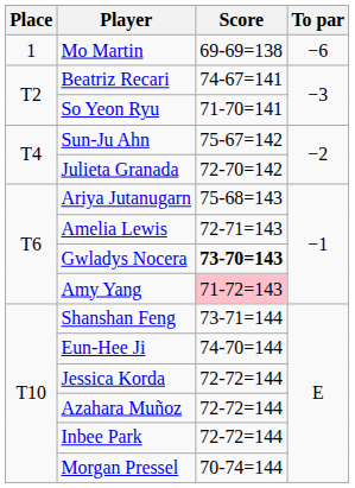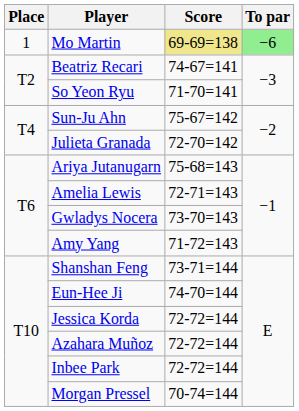 <table class="wikitable">
 <tr>
 <th>Place</th>
 <th>Player</th>
 <th>Score</th>
 <th>To par</th>
 </tr>
 <tr>
 <td align=center>1</td>
 <td> <a href='#'>Mo Martin</a></td>
-<td>69-69=138</td>
-<td align=center>−6</td>
+<td style="background: khaki;">69-69=138</td>
+<td align=center style="background: lightgreen;">−6</td>
 </tr>
 <tr>
 <td rowspan=2 align=center>T2</td>
 <td> <a href='#'>Beatriz Recari</a></td>
 <td>74-67=141</td>
 <td rowspan=2 align=center>−3</td>
 </tr>
 <tr>
 <td> <a href='#'>So Yeon Ryu</a></td>
 <td>71-70=141</td>
 </tr>
 <tr>
 <td rowspan=2 align=center>T4</td>
 <td> <a href='#'>Sun-Ju Ahn</a></td>
 <td>75-67=142</td>
 <td rowspan=2 align=center>−2</td>
 </tr>
 <tr>
 <td> <a href='#'>Julieta Granada</a></td>
 <td>72-70=142</td>
 </tr>
 <tr>
 <td rowspan=4 align=center>T6</td>
 <td> <a href='#'>Ariya Jutanugarn</a></td>
 <td>75-68=143</td>
 <td rowspan=4 align=center>−1</td>
 </tr>
 <tr>
 <td> <a href='#'>Amelia Lewis</a></td>
 <td>72-71=143</td>
 </tr>
 <tr>
 <td> <a href='#'>Gwladys Nocera</a></td>
-<td><strong>73-70=143</strong></td>
+<td>73-70=143</td>
 </tr>
 <tr>
 <td> <a href='#'>Amy Yang</a></td>
-<td style="background: pink;">71-72=143</td>
+<td>71-72=143</td>
 </tr>
 <tr>
 <td rowspan=6 align=center>T10</td>
 <td> <a href='#'>Shanshan Feng</a></td>
 <td>73-71=144</td>
 <td rowspan=6 align=center>E</td>
 </tr>
 <tr>
 <td> <a href='#'>Eun-Hee Ji</a></td>
 <td>74-70=144</td>
 </tr>
 <tr>
 <td> <a href='#'>Jessica Korda</a></td>
 <td>72-72=144</td>
 </tr>
 <tr>
 <td> <a href='#'>Azahara Muñoz</a></td>
 <td>72-72=144</td>
 </tr>
 <tr>
 <td> <a href='#'>Inbee Park</a></td>
 <td>72-72=144</td>
 </tr>
 <tr>
 <td> <a href='#'>Morgan Pressel</a></td>
 <td>70-74=144</td>
 </tr>
 </table>
